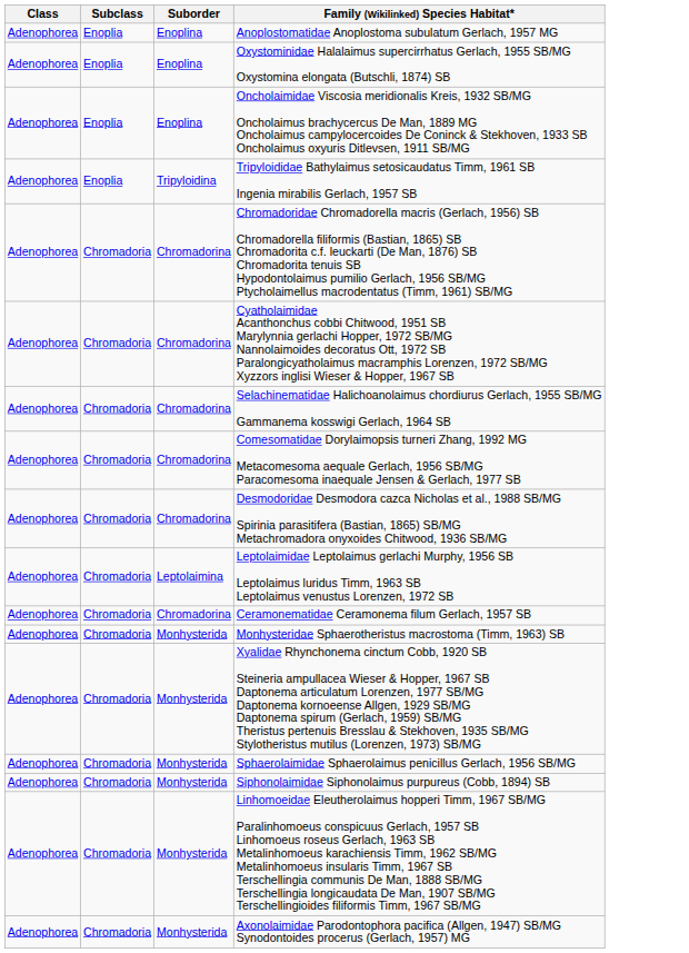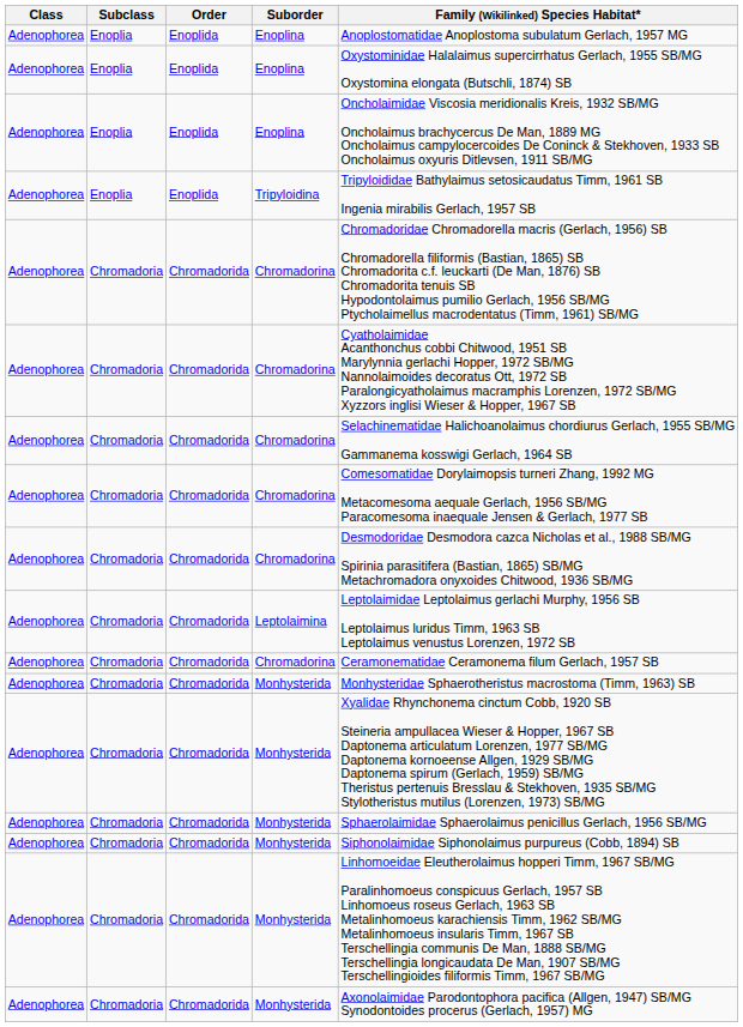 <table class="wikitable">
 <tr>
 <th>Class</th>
 <th>Subclass</th>
+<th>Order</th>
 <th>Suborder</th>
 <th>Family <small>(Wikilinked)</small>	Species	Habitat*</th>
 </tr>
 <tr>
 <td><a href='#'>Adenophorea</a></td>
 <td><a href='#'>Enoplia</a></td>
+<td><a href='#'>Enoplida</a></td>
 <td><a href='#'>Enoplina</a></td>
 <td><a href='#'>Anoplostomatidae</a>	Anoplostoma subulatum Gerlach, 1957	MG</td>
 </tr>
 <tr>
 <td><a href='#'>Adenophorea</a></td>
 <td><a href='#'>Enoplia</a></td>
+<td><a href='#'>Enoplida</a></td>
 <td><a href='#'>Enoplina</a></td>
 <td><a href='#'>Oxystominidae</a>	Halalaimus supercirrhatus Gerlach, 1955	SB/MG<br><br>Oxystomina elongata (Butschli, 1874)	SB</td>
 </tr>
 <tr>
 <td><a href='#'>Adenophorea</a></td>
 <td><a href='#'>Enoplia</a></td>
+<td><a href='#'>Enoplida</a></td>
 <td><a href='#'>Enoplina</a></td>
 <td><a href='#'>Oncholaimidae</a>	Viscosia meridionalis Kreis, 1932	SB/MG<br><br>Oncholaimus brachycercus De Man, 1889	MG<br> Oncholaimus campylocercoides De Coninck & Stekhoven, 1933	SB<br> Oncholaimus oxyuris Ditlevsen, 1911	SB/MG</td>
 </tr>
 <tr>
 <td><a href='#'>Adenophorea</a></td>
 <td><a href='#'>Enoplia</a></td>
+<td><a href='#'>Enoplida</a></td>
 <td><a href='#'>Tripyloidina</a></td>
 <td><a href='#'>Tripyloididae</a>	Bathylaimus setosicaudatus Timm, 1961	SB<br><br>Ingenia mirabilis Gerlach, 1957	SB</td>
 </tr>
 <tr>
 <td><a href='#'>Adenophorea</a></td>
 <td><a href='#'>Chromadoria</a></td>
+<td><a href='#'>Chromadorida</a></td>
 <td><a href='#'>Chromadorina</a></td>
 <td><a href='#'>Chromadoridae</a>	Chromadorella macris (Gerlach, 1956)	SB<br><br>Chromadorella filiformis (Bastian, 1865)	SB<br> Chromadorita c.f. leuckarti (De Man, 1876)	SB<br> Chromadorita tenuis	SB<br> Hypodontolaimus pumilio Gerlach, 1956	SB/MG<br> Ptycholaimellus macrodentatus (Timm, 1961)	SB/MG</td>
 </tr>
 <tr>
 <td><a href='#'>Adenophorea</a></td>
 <td><a href='#'>Chromadoria</a></td>
+<td><a href='#'>Chromadorida</a></td>
 <td><a href='#'>Chromadorina</a></td>
 <td><a href='#'>Cyatholaimidae</a><br>Acanthonchus cobbi Chitwood, 1951	SB<br> Marylynnia gerlachi Hopper, 1972	SB/MG<br> Nannolaimoides decoratus Ott, 1972	SB<br> Paralongicyatholaimus macramphis Lorenzen, 1972	SB/MG<br> Xyzzors inglisi Wieser & Hopper, 1967	SB</td>
 </tr>
 <tr>
 <td><a href='#'>Adenophorea</a></td>
 <td><a href='#'>Chromadoria</a></td>
+<td><a href='#'>Chromadorida</a></td>
 <td><a href='#'>Chromadorina</a></td>
 <td><a href='#'>Selachinematidae</a>	Halichoanolaimus chordiurus Gerlach, 1955	SB/MG<br><br>Gammanema kosswigi Gerlach, 1964	SB</td>
 </tr>
 <tr>
 <td><a href='#'>Adenophorea</a></td>
 <td><a href='#'>Chromadoria</a></td>
+<td><a href='#'>Chromadorida</a></td>
 <td><a href='#'>Chromadorina</a></td>
 <td><a href='#'>Comesomatidae</a>	Dorylaimopsis turneri Zhang, 1992	MG<br><br>Metacomesoma aequale Gerlach, 1956	SB/MG<br> Paracomesoma inaequale Jensen & Gerlach, 1977	SB</td>
 </tr>
 <tr>
 <td><a href='#'>Adenophorea</a></td>
 <td><a href='#'>Chromadoria</a></td>
+<td><a href='#'>Chromadorida</a></td>
 <td><a href='#'>Chromadorina</a></td>
 <td><a href='#'>Desmodoridae</a>	Desmodora cazca Nicholas et al., 1988	SB/MG<br><br>Spirinia parasitifera (Bastian, 1865)	SB/MG<br> Metachromadora onyxoides Chitwood, 1936	SB/MG</td>
 </tr>
 <tr>
 <td><a href='#'>Adenophorea</a></td>
 <td><a href='#'>Chromadoria</a></td>
+<td><a href='#'>Chromadorida</a></td>
 <td><a href='#'>Leptolaimina</a></td>
 <td><a href='#'>Leptolaimidae</a>	Leptolaimus gerlachi Murphy, 1956	SB<br><br>Leptolaimus luridus Timm, 1963 	SB<br> Leptolaimus venustus Lorenzen, 1972	SB</td>
 </tr>
 <tr>
 <td><a href='#'>Adenophorea</a></td>
 <td><a href='#'>Chromadoria</a></td>
+<td><a href='#'>Chromadorida</a></td>
 <td><a href='#'>Chromadorina</a></td>
 <td><a href='#'>Ceramonematidae</a>	Ceramonema filum Gerlach, 1957	SB</td>
 </tr>
 <tr>
 <td><a href='#'>Adenophorea</a></td>
 <td><a href='#'>Chromadoria</a></td>
+<td><a href='#'>Chromadorida</a></td>
 <td><a href='#'>Monhysterida</a></td>
 <td><a href='#'>Monhysteridae</a>	Sphaerotheristus macrostoma (Timm, 1963)	SB</td>
 </tr>
 <tr>
 <td><a href='#'>Adenophorea</a></td>
 <td><a href='#'>Chromadoria</a></td>
+<td><a href='#'>Chromadorida</a></td>
 <td><a href='#'>Monhysterida</a></td>
 <td><a href='#'>Xyalidae</a>	Rhynchonema cinctum Cobb, 1920	SB<br><br>Steineria ampullacea Wieser & Hopper, 1967	SB<br> Daptonema articulatum Lorenzen, 1977	SB/MG<br> Daptonema kornoeense Allgen, 1929	SB/MG<br> Daptonema spirum (Gerlach, 1959)	SB/MG<br> Theristus pertenuis Bresslau & Stekhoven, 1935	SB/MG<br> Stylotheristus mutilus (Lorenzen, 1973)	SB/MG</td>
 </tr>
 <tr>
 <td><a href='#'>Adenophorea</a></td>
 <td><a href='#'>Chromadoria</a></td>
+<td><a href='#'>Chromadorida</a></td>
 <td><a href='#'>Monhysterida</a></td>
 <td><a href='#'>Sphaerolaimidae</a>	Sphaerolaimus penicillus Gerlach, 1956	SB/MG</td>
 </tr>
 <tr>
 <td><a href='#'>Adenophorea</a></td>
 <td><a href='#'>Chromadoria</a></td>
+<td><a href='#'>Chromadorida</a></td>
 <td><a href='#'>Monhysterida</a></td>
 <td><a href='#'>Siphonolaimidae</a>	Siphonolaimus purpureus (Cobb, 1894)	SB</td>
 </tr>
 <tr>
 <td><a href='#'>Adenophorea</a></td>
 <td><a href='#'>Chromadoria</a></td>
+<td><a href='#'>Chromadorida</a></td>
 <td><a href='#'>Monhysterida</a></td>
 <td><a href='#'>Linhomoeidae</a> Eleutherolaimus hopperi Timm, 1967	SB/MG<br><br>Paralinhomoeus conspicuus Gerlach, 1957	SB<br> Linhomoeus roseus Gerlach, 1963	SB<br> Metalinhomoeus karachiensis Timm, 1962	SB/MG<br> Metalinhomoeus insularis Timm, 1967	SB<br> Terschellingia communis De Man, 1888	SB/MG<br> Terschellingia longicaudata De Man, 1907	SB/MG<br> Terschellingioides filiformis Timm, 1967 SB/MG</td>
 </tr>
 <tr>
 <td><a href='#'>Adenophorea</a></td>
 <td><a href='#'>Chromadoria</a></td>
+<td><a href='#'>Chromadorida</a></td>
 <td><a href='#'>Monhysterida</a></td>
 <td><a href='#'>Axonolaimidae</a> Parodontophora pacifica (Allgen, 1947) SB/MG<br>Synodontoides procerus (Gerlach, 1957)	MG</td>
 </tr>
 </table>
